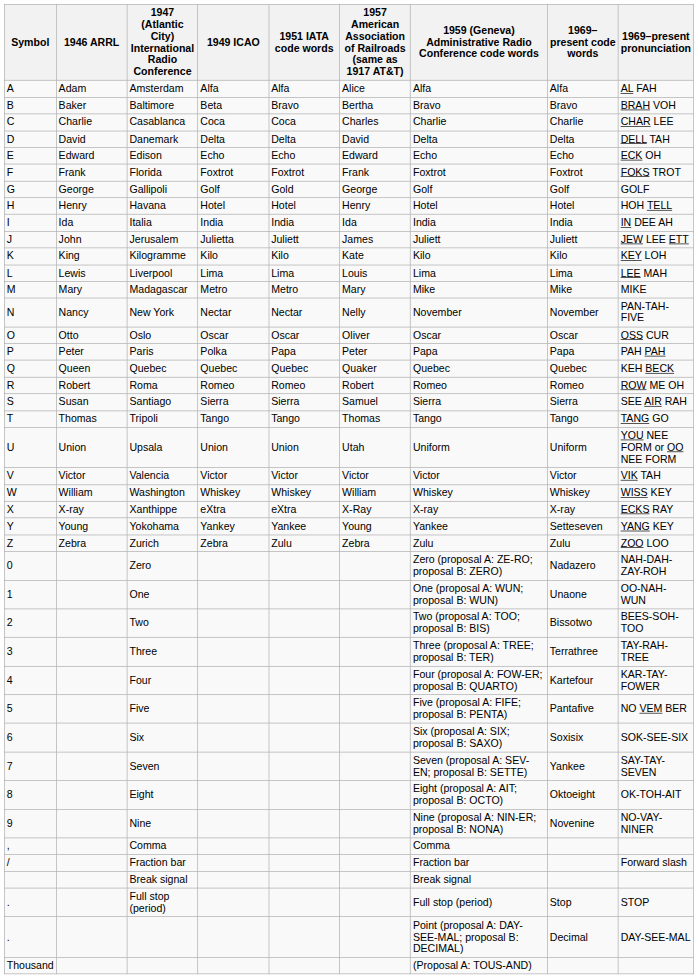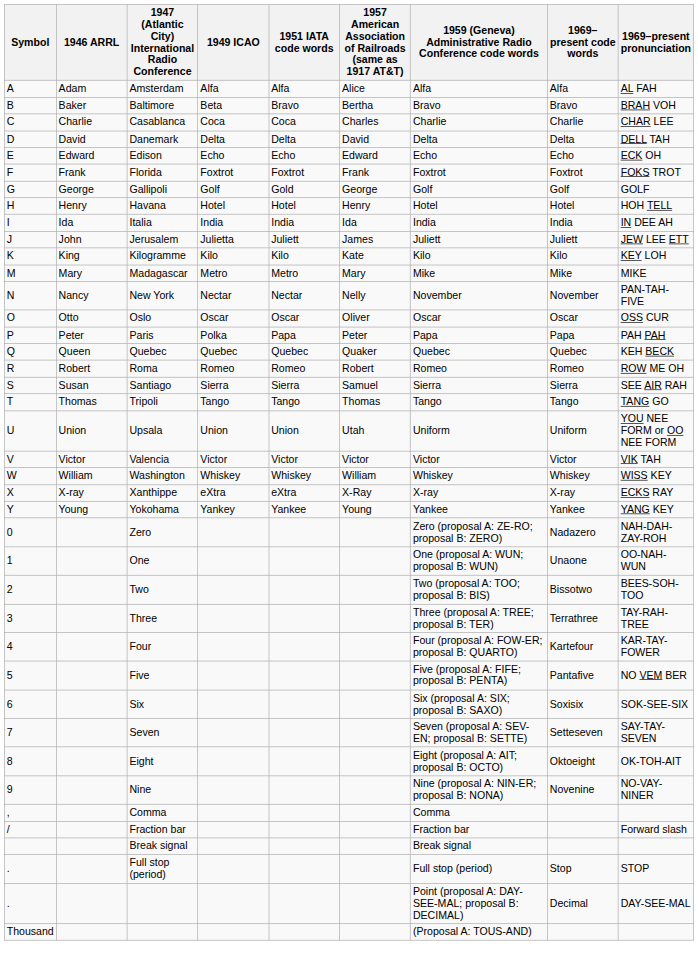 <table class="wikitable">
 <tr>
 <th>Symbol</th>
 <th style="width:100px;">1946 ARRL</th>
 <th style="width:100px;">1947 (Atlantic City) International Radio Conference</th>
 <th style="width:100px;">1949 ICAO</th>
 <th style="width:100px;">1951 IATA code words</th>
 <th style="width:100px;">1957 American Association of Railroads (same as 1917 AT&T)</th>
 <th style="width:200px;">1959 (Geneva) Administrative Radio Conference code words</th>
 <th style="width:100px;">1969–present code words</th>
 <th style="width:100px;">1969–present pronunciation</th>
 </tr>
 <tr>
 <td>A</td>
 <td>Adam</td>
 <td>Amsterdam</td>
 <td>Alfa</td>
 <td>Alfa</td>
 <td>Alice</td>
 <td>Alfa</td>
 <td>Alfa</td>
 <td><u>AL</u> FAH</td>
 </tr>
 <tr>
 <td>B</td>
 <td>Baker</td>
 <td>Baltimore</td>
 <td>Beta</td>
 <td>Bravo</td>
 <td>Bertha</td>
 <td>Bravo</td>
 <td>Bravo</td>
 <td><u>BRAH</u> VOH</td>
 </tr>
 <tr>
 <td>C</td>
 <td>Charlie</td>
 <td>Casablanca</td>
 <td>Coca</td>
 <td>Coca</td>
 <td>Charles</td>
 <td>Charlie</td>
 <td>Charlie</td>
 <td><u>CHAR</u> LEE</td>
 </tr>
 <tr>
 <td>D</td>
 <td>David</td>
 <td>Danemark</td>
 <td>Delta</td>
 <td>Delta</td>
 <td>David</td>
 <td>Delta</td>
 <td>Delta</td>
 <td><u>DELL</u> TAH</td>
 </tr>
 <tr>
 <td>E</td>
 <td>Edward</td>
 <td>Edison</td>
 <td>Echo</td>
 <td>Echo</td>
 <td>Edward</td>
 <td>Echo</td>
 <td>Echo</td>
 <td><u>ECK</u> OH</td>
 </tr>
 <tr>
 <td>F</td>
 <td>Frank</td>
 <td>Florida</td>
 <td>Foxtrot</td>
 <td>Foxtrot</td>
 <td>Frank</td>
 <td>Foxtrot</td>
 <td>Foxtrot</td>
 <td><u>FOKS</u> TROT</td>
 </tr>
 <tr>
 <td>G</td>
 <td>George</td>
 <td>Gallipoli</td>
 <td>Golf</td>
 <td>Gold</td>
 <td>George</td>
 <td>Golf</td>
 <td>Golf</td>
 <td>GOLF</td>
 </tr>
 <tr>
 <td>H</td>
 <td>Henry</td>
 <td>Havana</td>
 <td>Hotel</td>
 <td>Hotel</td>
 <td>Henry</td>
 <td>Hotel</td>
 <td>Hotel</td>
 <td>HOH <u>TELL</u></td>
 </tr>
 <tr>
 <td>I</td>
 <td>Ida</td>
 <td>Italia</td>
 <td>India</td>
 <td>India</td>
 <td>Ida</td>
 <td>India</td>
 <td>India</td>
 <td><u>IN</u> DEE AH</td>
 </tr>
 <tr>
 <td>J</td>
 <td>John</td>
 <td>Jerusalem</td>
 <td>Julietta</td>
 <td>Juliett</td>
 <td>James</td>
 <td>Juliett</td>
 <td>Juliett</td>
 <td><u>JEW</u> LEE <u>ETT</u></td>
 </tr>
 <tr>
 <td>K</td>
 <td>King</td>
 <td>Kilogramme</td>
 <td>Kilo</td>
 <td>Kilo</td>
 <td>Kate</td>
 <td>Kilo</td>
 <td>Kilo</td>
 <td><u>KEY</u> LOH</td>
-</tr>
-<tr>
-<td>L</td>
-<td>Lewis</td>
-<td>Liverpool</td>
-<td>Lima</td>
-<td>Lima</td>
-<td>Louis</td>
-<td>Lima</td>
-<td>Lima</td>
-<td><u>LEE</u> MAH</td>
 </tr>
 <tr>
 <td>M</td>
 <td>Mary</td>
 <td>Madagascar</td>
 <td>Metro</td>
 <td>Metro</td>
 <td>Mary</td>
 <td>Mike</td>
 <td>Mike</td>
 <td>MIKE</td>
 </tr>
 <tr>
 <td>N</td>
 <td>Nancy</td>
 <td>New York</td>
 <td>Nectar</td>
 <td>Nectar</td>
 <td>Nelly</td>
 <td>November</td>
 <td>November</td>
 <td>PAN-TAH-FIVE</td>
 </tr>
 <tr>
 <td>O</td>
 <td>Otto</td>
 <td>Oslo</td>
 <td>Oscar</td>
 <td>Oscar</td>
 <td>Oliver</td>
 <td>Oscar</td>
 <td>Oscar</td>
 <td><u>OSS</u> CUR</td>
 </tr>
 <tr>
 <td>P</td>
 <td>Peter</td>
 <td>Paris</td>
 <td>Polka</td>
 <td>Papa</td>
 <td>Peter</td>
 <td>Papa</td>
 <td>Papa</td>
 <td>PAH <u>PAH</u></td>
 </tr>
 <tr>
 <td>Q</td>
 <td>Queen</td>
 <td>Quebec</td>
 <td>Quebec</td>
 <td>Quebec</td>
 <td>Quaker</td>
 <td>Quebec</td>
 <td>Quebec</td>
 <td>KEH <u>BECK</u></td>
 </tr>
 <tr>
 <td>R</td>
 <td>Robert</td>
 <td>Roma</td>
 <td>Romeo</td>
 <td>Romeo</td>
 <td>Robert</td>
 <td>Romeo</td>
 <td>Romeo</td>
 <td><u>ROW</u> ME OH</td>
 </tr>
 <tr>
 <td>S</td>
 <td>Susan</td>
 <td>Santiago</td>
 <td>Sierra</td>
 <td>Sierra</td>
 <td>Samuel</td>
 <td>Sierra</td>
 <td>Sierra</td>
 <td>SEE <u>AIR</u> RAH</td>
 </tr>
 <tr>
 <td>T</td>
 <td>Thomas</td>
 <td>Tripoli</td>
 <td>Tango</td>
 <td>Tango</td>
 <td>Thomas</td>
 <td>Tango</td>
 <td>Tango</td>
 <td><u>TANG</u> GO</td>
 </tr>
 <tr>
 <td>U</td>
 <td>Union</td>
 <td>Upsala</td>
 <td>Union</td>
 <td>Union</td>
 <td>Utah</td>
 <td>Uniform</td>
 <td>Uniform</td>
 <td><u>YOU</u> NEE FORM or  <u>OO</u> NEE FORM</td>
 </tr>
 <tr>
 <td>V</td>
 <td>Victor</td>
 <td>Valencia</td>
 <td>Victor</td>
 <td>Victor</td>
 <td>Victor</td>
 <td>Victor</td>
 <td>Victor</td>
 <td><u>VIK</u> TAH</td>
 </tr>
 <tr>
 <td>W</td>
 <td>William</td>
 <td>Washington</td>
 <td>Whiskey</td>
 <td>Whiskey</td>
 <td>William</td>
 <td>Whiskey</td>
 <td>Whiskey</td>
 <td><u>WISS</u> KEY</td>
 </tr>
 <tr>
 <td>X</td>
 <td>X-ray</td>
 <td>Xanthippe</td>
 <td>eXtra</td>
 <td>eXtra</td>
 <td>X-Ray</td>
 <td>X-ray</td>
 <td>X-ray</td>
 <td><u>ECKS</u> RAY</td>
 </tr>
 <tr>
 <td>Y</td>
 <td>Young</td>
 <td>Yokohama</td>
 <td>Yankey</td>
 <td>Yankee</td>
 <td>Young</td>
 <td>Yankee</td>
-<td>Setteseven</td>
+<td>Yankee</td>
 <td><u>YANG</u> KEY</td>
-</tr>
-<tr>
-<td>Z</td>
-<td>Zebra</td>
-<td>Zurich</td>
-<td>Zebra</td>
-<td>Zulu</td>
-<td>Zebra</td>
-<td>Zulu</td>
-<td>Zulu</td>
-<td><u>ZOO</u> LOO</td>
 </tr>
 <tr>
 <td>0</td>
 <td></td>
 <td>Zero</td>
 <td></td>
 <td></td>
 <td></td>
 <td>Zero (proposal A: ZE-RO; proposal B: ZERO)</td>
 <td>Nadazero</td>
 <td>NAH-DAH-ZAY-ROH</td>
 </tr>
 <tr>
 <td>1</td>
 <td></td>
 <td>One</td>
 <td></td>
 <td></td>
 <td></td>
 <td>One (proposal A: WUN; proposal B: WUN)</td>
 <td>Unaone</td>
 <td>OO-NAH-WUN</td>
 </tr>
 <tr>
 <td>2</td>
 <td></td>
 <td>Two</td>
 <td></td>
 <td></td>
 <td></td>
 <td>Two (proposal A: TOO; proposal B: BIS)</td>
 <td>Bissotwo</td>
 <td>BEES-SOH-TOO</td>
 </tr>
 <tr>
 <td>3</td>
 <td></td>
 <td>Three</td>
 <td></td>
 <td></td>
 <td></td>
 <td>Three (proposal A: TREE; proposal B: TER)</td>
 <td>Terrathree</td>
 <td>TAY-RAH-TREE</td>
 </tr>
 <tr>
 <td>4</td>
 <td></td>
 <td>Four</td>
 <td></td>
 <td></td>
 <td></td>
 <td>Four (proposal A: FOW-ER; proposal B: QUARTO)</td>
 <td>Kartefour</td>
 <td>KAR-TAY-FOWER</td>
 </tr>
 <tr>
 <td>5</td>
 <td></td>
 <td>Five</td>
 <td></td>
 <td></td>
 <td></td>
 <td>Five (proposal A: FIFE; proposal B: PENTA)</td>
 <td>Pantafive</td>
 <td>NO <u>VEM</u> BER</td>
 </tr>
 <tr>
 <td>6</td>
 <td></td>
 <td>Six</td>
 <td></td>
 <td></td>
 <td></td>
 <td>Six (proposal A: SIX; proposal B: SAXO)</td>
 <td>Soxisix</td>
 <td>SOK-SEE-SIX</td>
 </tr>
 <tr>
 <td>7</td>
 <td></td>
 <td>Seven</td>
 <td></td>
 <td></td>
 <td></td>
 <td>Seven (proposal A: SEV-EN; proposal B: SETTE)</td>
-<td>Yankee</td>
+<td>Setteseven</td>
 <td>SAY-TAY-SEVEN</td>
 </tr>
 <tr>
 <td>8</td>
 <td></td>
 <td>Eight</td>
 <td></td>
 <td></td>
 <td></td>
 <td>Eight (proposal A: AIT; proposal B: OCTO)</td>
 <td>Oktoeight</td>
 <td>OK-TOH-AIT</td>
 </tr>
 <tr>
 <td>9</td>
 <td></td>
 <td>Nine</td>
 <td></td>
 <td></td>
 <td></td>
 <td>Nine (proposal A: NIN-ER; proposal B: NONA)</td>
 <td>Novenine</td>
 <td>NO-VAY-NINER</td>
 </tr>
 <tr>
 <td>,</td>
 <td></td>
 <td>Comma</td>
 <td></td>
 <td></td>
 <td></td>
 <td>Comma</td>
 <td></td>
 <td></td>
 </tr>
 <tr>
 <td>/</td>
 <td></td>
 <td>Fraction bar</td>
 <td></td>
 <td></td>
 <td></td>
 <td>Fraction bar</td>
 <td></td>
 <td>Forward slash</td>
 </tr>
 <tr>
 <td></td>
 <td></td>
 <td>Break signal</td>
 <td></td>
 <td></td>
 <td></td>
 <td>Break signal</td>
 <td></td>
 <td></td>
 </tr>
 <tr>
 <td>.</td>
 <td></td>
 <td>Full stop (period)</td>
 <td></td>
 <td></td>
 <td></td>
 <td>Full stop (period)</td>
 <td>Stop</td>
 <td>STOP</td>
 </tr>
 <tr>
 <td>.</td>
 <td></td>
 <td></td>
 <td></td>
 <td></td>
 <td></td>
 <td>Point (proposal A: DAY-SEE-MAL; proposal B: DECIMAL)</td>
 <td>Decimal</td>
 <td>DAY-SEE-MAL</td>
 </tr>
 <tr>
 <td>Thousand</td>
 <td></td>
 <td></td>
 <td></td>
 <td></td>
 <td></td>
 <td>(Proposal A: TOUS-AND)</td>
 <td></td>
 <td></td>
 </tr>
 </table>
